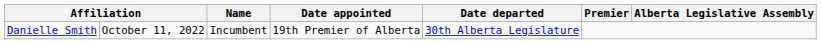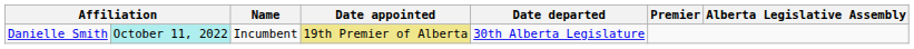 <table class="wikitable">
 <tr>
 <th colspan="2">Affiliation</th>
 <th>Name</th>
 <th>Date appointed</th>
 <th>Date departed</th>
 <th>Premier</th>
 <th>Alberta Legislative Assembly</th>
 </tr>
 <tr>
 <td><a href='#'>Danielle Smith</a></td>
-<td>October 11, 2022</td>
+<td style="background: paleturquoise;">October 11, 2022</td>
 <td>Incumbent</td>
-<td>19th Premier of Alberta</td>
+<td style="background: khaki;">19th Premier of Alberta</td>
 <td><a href='#'>30th Alberta Legislature</a></td>
 </tr>
 </table>
